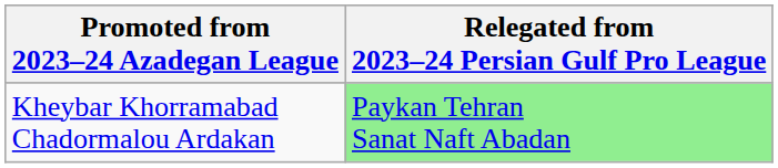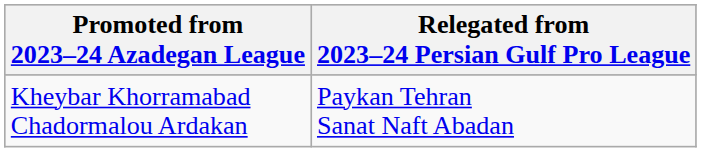 <table class="wikitable">
 <tr>
 <th>Promoted from<br><a href='#'>2023–24 Azadegan League</a></th>
 <th>Relegated from<br><a href='#'>2023–24 Persian Gulf Pro League</a></th>
 </tr>
 <tr>
 <td><a href='#'>Kheybar Khorramabad</a><br><a href='#'>Chadormalou Ardakan</a></td>
-<td style="background: lightgreen;"><a href='#'>Paykan Tehran</a><br><a href='#'>Sanat Naft Abadan</a></td>
+<td><a href='#'>Paykan Tehran</a><br><a href='#'>Sanat Naft Abadan</a></td>
 </tr>
 </table>
